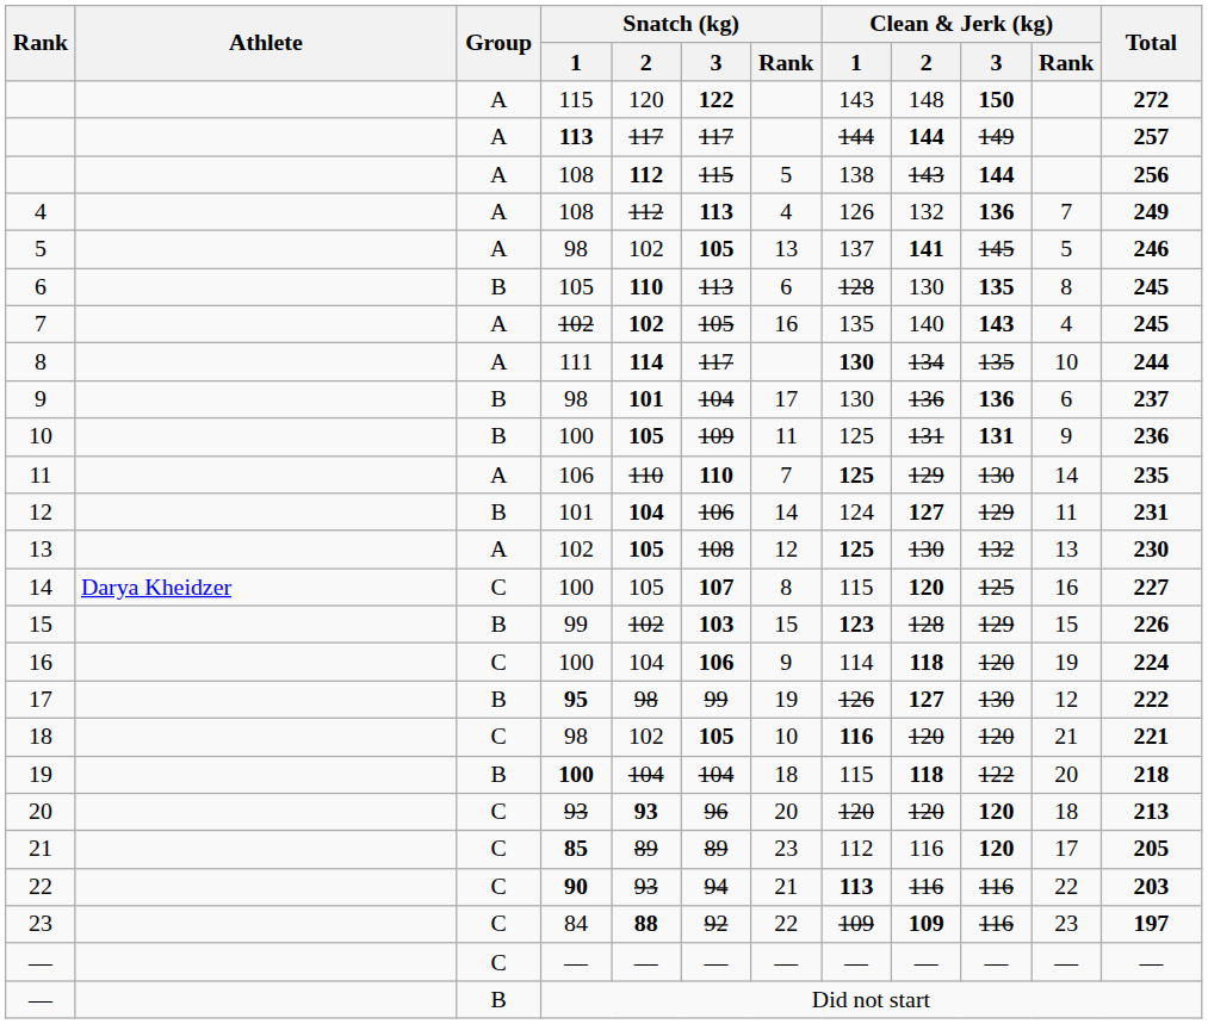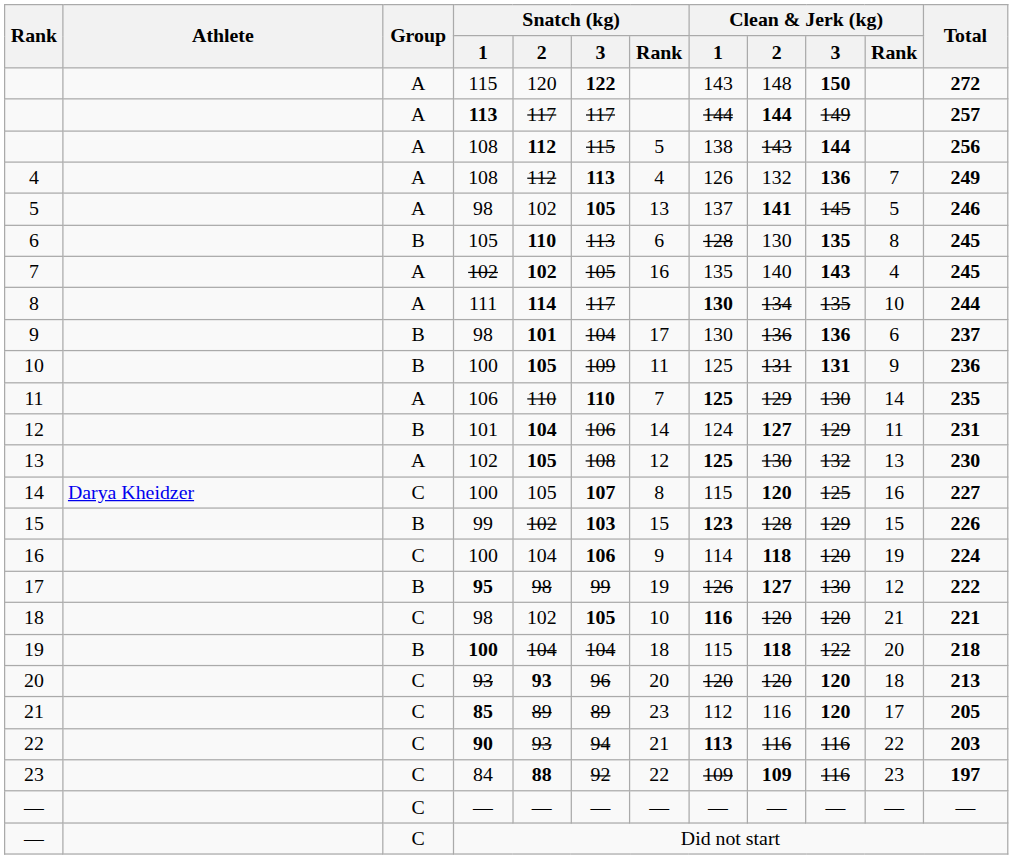 <table class = "wikitable" style="text-align:center;">
 <tr>
 <th rowspan=2 width=40>Rank</th>
 <th rowspan=2 width=250>Athlete</th>
 <th rowspan=2 width=50>Group</th>
 <th colspan=4>Snatch (kg)</th>
 <th colspan=4>Clean & Jerk (kg)</th>
 <th rowspan=2 width=60>Total</th>
 </tr>
 <tr>
 <th width=40>1</th>
 <th width=40>2</th>
 <th width=40>3</th>
 <th width=40>Rank</th>
 <th width=40>1</th>
 <th width=40>2</th>
 <th width=40>3</th>
 <th width=40>Rank</th>
 </tr>
 <tr>
 <td></td>
 <td align=left></td>
 <td>A</td>
 <td>115</td>
 <td>120</td>
 <td><strong>122</strong></td>
 <td></td>
 <td>143</td>
 <td>148</td>
 <td><strong>150</strong></td>
 <td></td>
 <td><strong>272</strong></td>
 </tr>
 <tr>
 <td></td>
 <td align=left></td>
 <td>A</td>
 <td><strong>113</strong></td>
 <td><s>117</s></td>
 <td><s>117</s></td>
 <td></td>
 <td><s>144</s></td>
 <td><strong>144</strong></td>
 <td><s>149</s></td>
 <td></td>
 <td><strong>257</strong></td>
 </tr>
 <tr>
 <td></td>
 <td align=left></td>
 <td>A</td>
 <td>108</td>
 <td><strong>112</strong></td>
 <td><s>115</s></td>
 <td>5</td>
 <td>138</td>
 <td><s>143</s></td>
 <td><strong>144</strong></td>
 <td></td>
 <td><strong>256</strong></td>
 </tr>
 <tr>
 <td>4</td>
 <td align=left></td>
 <td>A</td>
 <td>108</td>
 <td><s>112</s></td>
 <td><strong>113</strong></td>
 <td>4</td>
 <td>126</td>
 <td>132</td>
 <td><strong>136</strong></td>
 <td>7</td>
 <td><strong>249</strong></td>
 </tr>
 <tr>
 <td>5</td>
 <td align=left></td>
 <td>A</td>
 <td>98</td>
 <td>102</td>
 <td><strong>105</strong></td>
 <td>13</td>
 <td>137</td>
 <td><strong>141</strong></td>
 <td><s>145</s></td>
 <td>5</td>
 <td><strong>246</strong></td>
 </tr>
 <tr>
 <td>6</td>
 <td align=left></td>
 <td>B</td>
 <td>105</td>
 <td><strong>110</strong></td>
 <td><s>113</s></td>
 <td>6</td>
 <td><s>128</s></td>
 <td>130</td>
 <td><strong>135</strong></td>
 <td>8</td>
 <td><strong>245</strong></td>
 </tr>
 <tr>
 <td>7</td>
 <td align=left></td>
 <td>A</td>
 <td><s>102</s></td>
 <td><strong>102</strong></td>
 <td><s>105</s></td>
 <td>16</td>
 <td>135</td>
 <td>140</td>
 <td><strong>143</strong></td>
 <td>4</td>
 <td><strong>245</strong></td>
 </tr>
 <tr>
 <td>8</td>
 <td align=left></td>
 <td>A</td>
 <td>111</td>
 <td><strong>114</strong></td>
 <td><s>117</s></td>
 <td></td>
 <td><strong>130</strong></td>
 <td><s>134</s></td>
 <td><s>135</s></td>
 <td>10</td>
 <td><strong>244</strong></td>
 </tr>
 <tr>
 <td>9</td>
 <td align=left></td>
 <td>B</td>
 <td>98</td>
 <td><strong>101</strong></td>
 <td><s>104</s></td>
 <td>17</td>
 <td>130</td>
 <td><s>136</s></td>
 <td><strong>136</strong></td>
 <td>6</td>
 <td><strong>237</strong></td>
 </tr>
 <tr>
 <td>10</td>
 <td align=left></td>
 <td>B</td>
 <td>100</td>
 <td><strong>105</strong></td>
 <td><s>109</s></td>
 <td>11</td>
 <td>125</td>
 <td><s>131</s></td>
 <td><strong>131</strong></td>
 <td>9</td>
 <td><strong>236</strong></td>
 </tr>
 <tr>
 <td>11</td>
 <td align=left></td>
 <td>A</td>
 <td>106</td>
 <td><s>110</s></td>
 <td><strong>110</strong></td>
 <td>7</td>
 <td><strong>125</strong></td>
 <td><s>129</s></td>
 <td><s>130</s></td>
 <td>14</td>
 <td><strong>235</strong></td>
 </tr>
 <tr>
 <td>12</td>
 <td align=left></td>
 <td>B</td>
 <td>101</td>
 <td><strong>104</strong></td>
 <td><s>106</s></td>
 <td>14</td>
 <td>124</td>
 <td><strong>127</strong></td>
 <td><s>129</s></td>
 <td>11</td>
 <td><strong>231</strong></td>
 </tr>
 <tr>
 <td>13</td>
 <td align=left></td>
 <td>A</td>
 <td>102</td>
 <td><strong>105</strong></td>
 <td><s>108</s></td>
 <td>12</td>
 <td><strong>125</strong></td>
 <td><s>130</s></td>
 <td><s>132</s></td>
 <td>13</td>
 <td><strong>230</strong></td>
 </tr>
 <tr>
 <td>14</td>
 <td align=left> <a href='#'>Darya Kheidzer</a> </td>
 <td>C</td>
 <td>100</td>
 <td>105</td>
 <td><strong>107</strong></td>
 <td>8</td>
 <td>115</td>
 <td><strong>120</strong></td>
 <td><s>125</s></td>
 <td>16</td>
 <td><strong>227</strong></td>
 </tr>
 <tr>
 <td>15</td>
 <td align=left></td>
 <td>B</td>
 <td>99</td>
 <td><s>102</s></td>
 <td><strong>103</strong></td>
 <td>15</td>
 <td><strong>123</strong></td>
 <td><s>128</s></td>
 <td><s>129</s></td>
 <td>15</td>
 <td><strong>226</strong></td>
 </tr>
 <tr>
 <td>16</td>
 <td align=left></td>
 <td>C</td>
 <td>100</td>
 <td>104</td>
 <td><strong>106</strong></td>
 <td>9</td>
 <td>114</td>
 <td><strong>118</strong></td>
 <td><s>120</s></td>
 <td>19</td>
 <td><strong>224</strong></td>
 </tr>
 <tr>
 <td>17</td>
 <td align=left></td>
 <td>B</td>
 <td><strong>95</strong></td>
 <td><s>98</s></td>
 <td><s>99</s></td>
 <td>19</td>
 <td><s>126</s></td>
 <td><strong>127</strong></td>
 <td><s>130</s></td>
 <td>12</td>
 <td><strong>222</strong></td>
 </tr>
 <tr>
 <td>18</td>
 <td align=left></td>
 <td>C</td>
 <td>98</td>
 <td>102</td>
 <td><strong>105</strong></td>
 <td>10</td>
 <td><strong>116</strong></td>
 <td><s>120</s></td>
 <td><s>120</s></td>
 <td>21</td>
 <td><strong>221</strong></td>
 </tr>
 <tr>
 <td>19</td>
 <td align=left></td>
 <td>B</td>
 <td><strong>100</strong></td>
 <td><s>104</s></td>
 <td><s>104</s></td>
 <td>18</td>
 <td>115</td>
 <td><strong>118</strong></td>
 <td><s>122</s></td>
 <td>20</td>
 <td><strong>218</strong></td>
 </tr>
 <tr>
 <td>20</td>
 <td align=left></td>
 <td>C</td>
 <td><s>93</s></td>
 <td><strong>93</strong></td>
 <td><s>96</s></td>
 <td>20</td>
 <td><s>120</s></td>
 <td><s>120</s></td>
 <td><strong>120</strong></td>
 <td>18</td>
 <td><strong>213</strong></td>
 </tr>
 <tr>
 <td>21</td>
 <td align=left></td>
 <td>C</td>
 <td><strong>85</strong></td>
 <td><s>89</s></td>
 <td><s>89</s></td>
 <td>23</td>
 <td>112</td>
 <td>116</td>
 <td><strong>120</strong></td>
 <td>17</td>
 <td><strong>205</strong></td>
 </tr>
 <tr>
 <td>22</td>
 <td align=left></td>
 <td>C</td>
 <td><strong>90</strong></td>
 <td><s>93</s></td>
 <td><s>94</s></td>
 <td>21</td>
 <td><strong>113</strong></td>
 <td><s>116</s></td>
 <td><s>116</s></td>
 <td>22</td>
 <td><strong>203</strong></td>
 </tr>
 <tr>
 <td>23</td>
 <td align=left></td>
 <td>C</td>
 <td>84</td>
 <td><strong>88</strong></td>
 <td><s>92</s></td>
 <td>22</td>
 <td><s>109</s></td>
 <td><strong>109</strong></td>
 <td><s>116</s></td>
 <td>23</td>
 <td><strong>197</strong></td>
 </tr>
 <tr>
 <td>—</td>
 <td align=left></td>
 <td>C</td>
 <td>—</td>
 <td>—</td>
 <td>—</td>
 <td>—</td>
 <td>—</td>
 <td>—</td>
 <td>—</td>
 <td>—</td>
 <td>—</td>
 </tr>
 <tr>
 <td>—</td>
 <td align=left></td>
-<td>B</td>
+<td>C</td>
 <td colspan=9>Did not start</td>
 </tr>
 </table>
